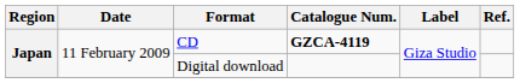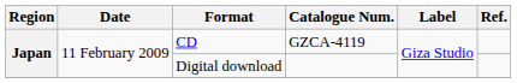 <table class="wikitable sortable plainrowheaders">
 <tr>
 <th scope="col">Region</th>
 <th scope="col">Date</th>
 <th scope="col">Format</th>
 <th scope="col">Catalogue Num.</th>
 <th scope="col">Label</th>
 <th scope="col">Ref.</th>
 </tr>
 <tr>
 <th scope="row" rowspan="2">Japan</th>
 <td rowspan="2">11 February 2009</td>
 <td><a href='#'>CD</a></td>
-<td><strong>GZCA-4119</strong></td>
+<td>GZCA-4119</td>
 <td rowspan="2"><a href='#'>Giza Studio</a></td>
 <td></td>
 </tr>
 <tr>
 <td>Digital download</td>
 <td></td>
 <td></td>
 </tr>
 <tr>
 </tr>
 </table>
